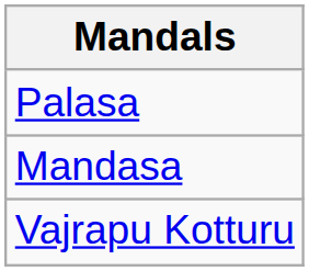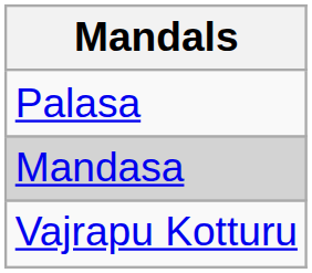 <table class="wikitable sortable static-row-numbers static-row-header-hash">
 <tr>
 <th>Mandals</th>
 </tr>
 <tr>
 <td><a href='#'>Palasa</a></td>
 </tr>
 <tr>
-<td><a href='#'>Mandasa</a></td>
+<td style="background: lightgrey;"><a href='#'>Mandasa</a></td>
 </tr>
 <tr>
 <td><a href='#'>Vajrapu Kotturu</a></td>
 </tr>
 </table>
